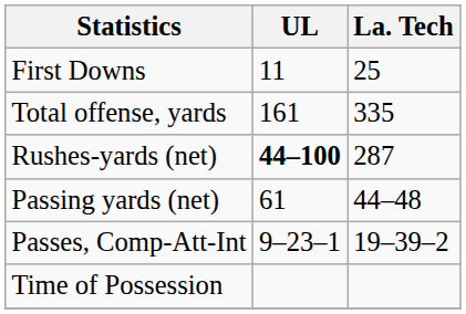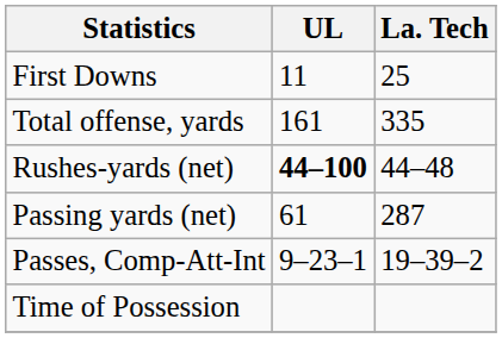 <table class="wikitable">
 <tr>
 <th>Statistics</th>
 <th>UL</th>
 <th>La. Tech</th>
 </tr>
 <tr>
 <td>First Downs</td>
 <td>11</td>
 <td>25</td>
 </tr>
 <tr>
 <td>Total offense, yards</td>
 <td>161</td>
 <td>335</td>
 </tr>
 <tr>
 <td>Rushes-yards (net)</td>
 <td><strong>44–100</strong></td>
-<td>287</td>
+<td>44–48</td>
 </tr>
 <tr>
 <td>Passing yards (net)</td>
 <td>61</td>
-<td>44–48</td>
+<td>287</td>
 </tr>
 <tr>
 <td>Passes, Comp-Att-Int</td>
 <td>9–23–1</td>
 <td>19–39–2</td>
 </tr>
 <tr>
 <td>Time of Possession</td>
 <td></td>
 <td></td>
 </tr>
 <tr>
 </tr>
 </table>
